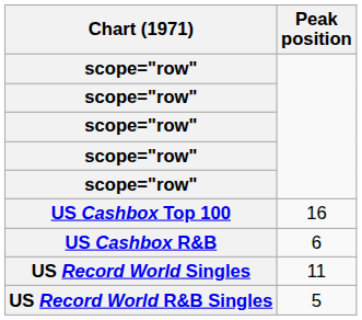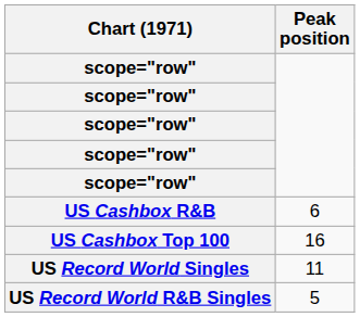 <table class="wikitable sortable plainrowheaders">
 <tr>
 <th scope="col">Chart (1971)</th>
 <th scope="col">Peak<br>position</th>
 </tr>
 <tr>
 <th>scope="row" </th>
 </tr>
 <tr>
 <th>scope="row" </th>
 </tr>
 <tr>
 <th>scope="row" </th>
 </tr>
 <tr>
 <th>scope="row" </th>
 </tr>
 <tr>
 <th>scope="row" </th>
 </tr>
 <tr>
+<th scope="row"><a href='#'>US <em>Cashbox</em> R&B</a></th>
+<td style="text-align:center;">6</td>
+</tr>
+<tr>
 <th scope="row"><a href='#'>US <em>Cashbox</em> Top 100</a></th>
 <td style="text-align:center;">16</td>
-</tr>
-<tr>
-<th scope="row"><a href='#'>US <em>Cashbox</em> R&B</a></th>
-<td style="text-align:center;">6</td>
 </tr>
 <tr>
 <th scope="row">US <a href='#'><em>Record World</em> Singles</a></th>
 <td style="text-align:center;">11</td>
 </tr>
 <tr>
 <th scope="row">US <a href='#'><em>Record World</em> R&B Singles</a></th>
 <td style="text-align:center;">5</td>
 </tr>
 </table>
